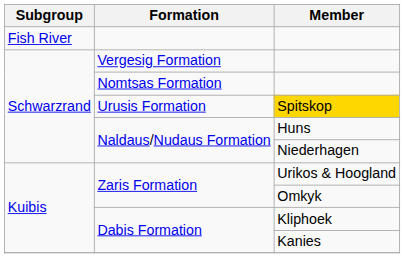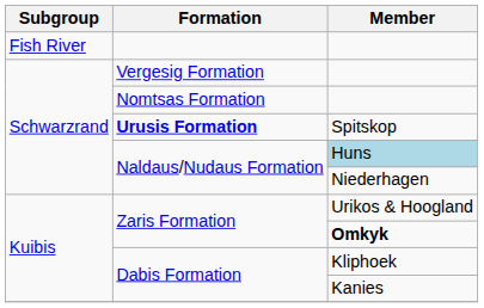 <table class="wikitable sortable">
 <tr>
 <th>Subgroup</th>
 <th>Formation</th>
 <th>Member</th>
 </tr>
 <tr>
 <td><a href='#'>Fish River</a></td>
 <td></td>
 <td></td>
 </tr>
 <tr>
 <td rowspan=5><a href='#'>Schwarzrand</a></td>
 <td><a href='#'>Vergesig Formation</a></td>
 <td></td>
 </tr>
 <tr>
 <td><a href='#'>Nomtsas Formation</a></td>
 <td></td>
 </tr>
 <tr>
-<td><a href='#'>Urusis Formation</a></td>
-<td style="background: gold;">Spitskop</td>
+<td><strong><a href='#'>Urusis Formation</a></strong></td>
+<td>Spitskop</td>
 </tr>
 <tr>
 <td rowspan=2><a href='#'>Naldaus</a>/<a href='#'>Nudaus Formation</a></td>
-<td>Huns</td>
+<td style="background: lightblue;">Huns</td>
 </tr>
 <tr>
 <td>Niederhagen</td>
 </tr>
 <tr>
 <td rowspan=4><a href='#'>Kuibis</a></td>
 <td rowspan=2><a href='#'>Zaris Formation</a></td>
 <td>Urikos & Hoogland</td>
 </tr>
 <tr>
-<td>Omkyk</td>
+<td><strong>Omkyk</strong></td>
 </tr>
 <tr>
 <td rowspan=2><a href='#'>Dabis Formation</a></td>
 <td>Kliphoek</td>
 </tr>
 <tr>
 <td>Kanies</td>
 </tr>
 <tr>
 </tr>
 </table>
